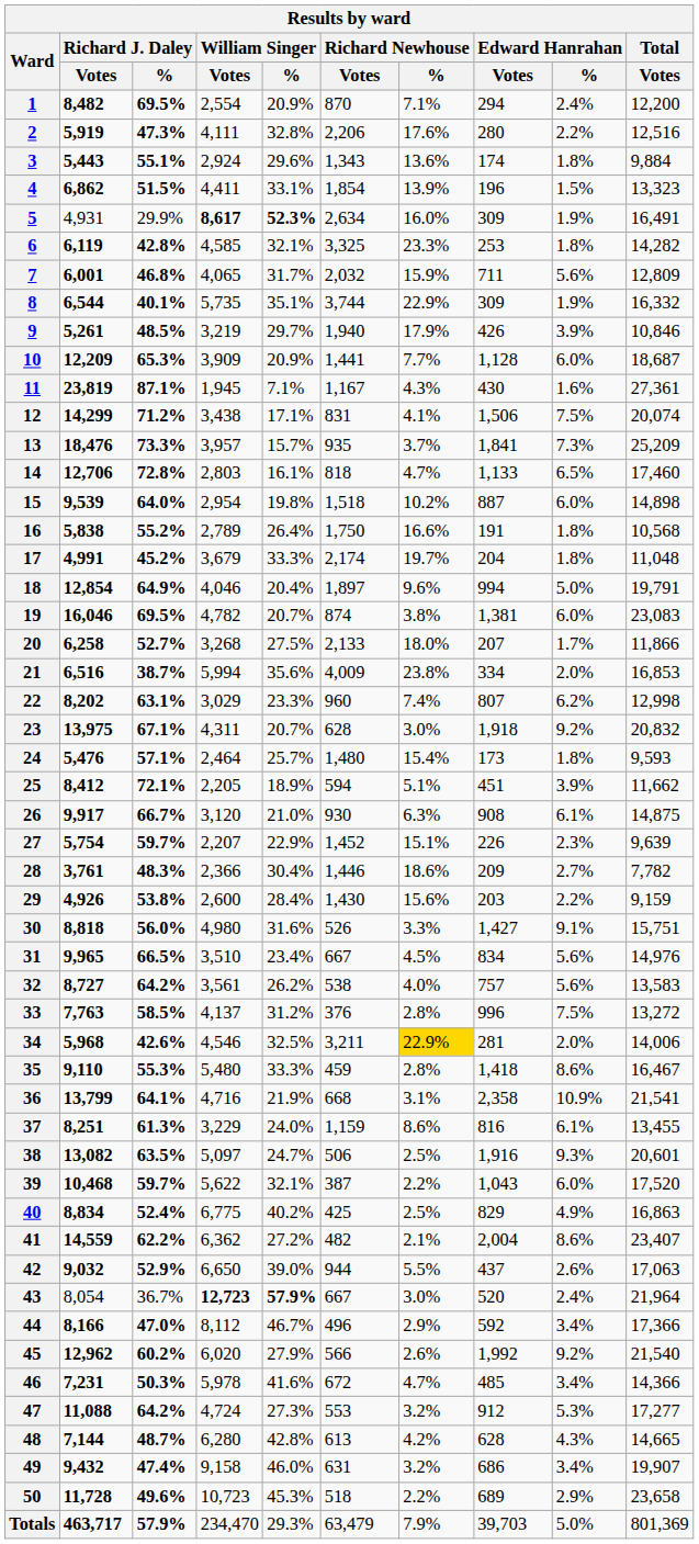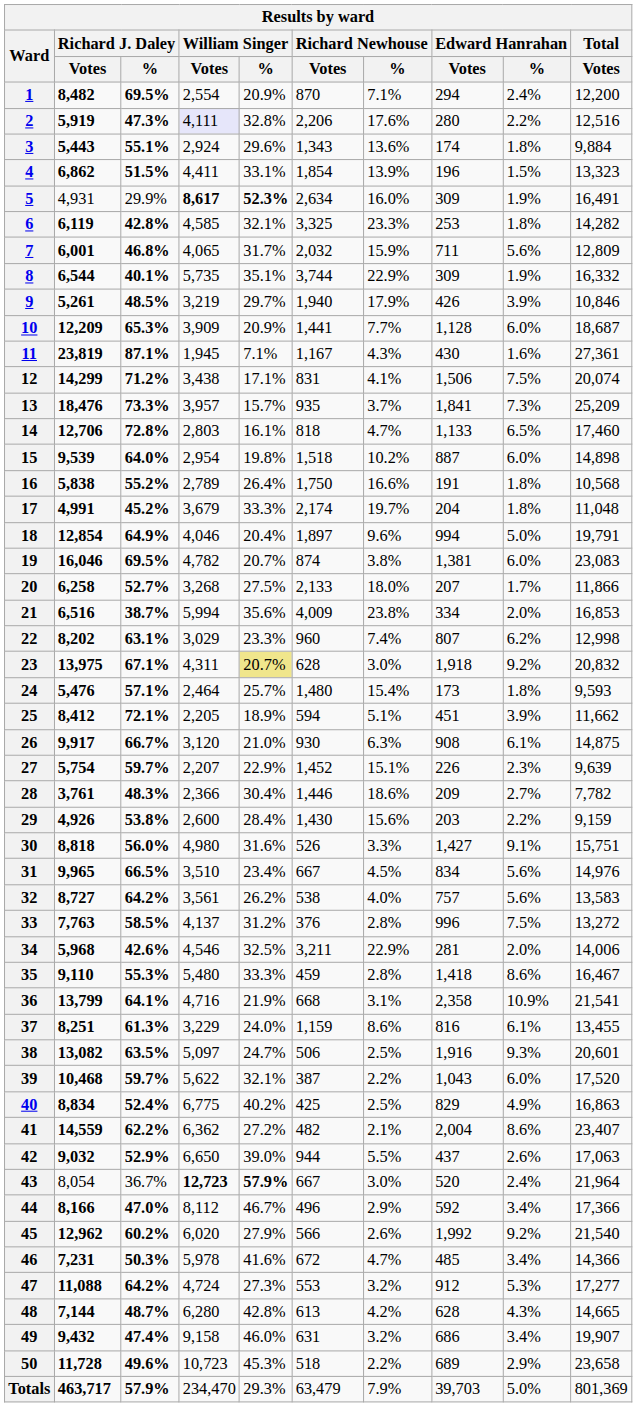 <table class="wikitable collapsible collapsed sortable">
 <tr>
 <th colspan=15>Results by ward</th>
 </tr>
 <tr>
 <th rowspan=2>Ward</th>
 <th colspan=2>Richard J. Daley</th>
 <th colspan=2>William Singer</th>
 <th colspan=2>Richard Newhouse</th>
 <th colspan=2>Edward Hanrahan</th>
 <th>Total</th>
 </tr>
 <tr>
 <th>Votes</th>
 <th>%</th>
 <th>Votes</th>
 <th>%</th>
 <th>Votes</th>
 <th>%</th>
 <th>Votes</th>
 <th>%</th>
 <th>Votes</th>
 </tr>
 <tr>
 <th><a href='#'>1</a></th>
 <td><strong>8,482</strong></td>
 <td><strong>69.5%</strong></td>
 <td>2,554</td>
 <td>20.9%</td>
 <td>870</td>
 <td>7.1%</td>
 <td>294</td>
 <td>2.4%</td>
 <td>12,200</td>
 </tr>
 <tr>
 <th><a href='#'>2</a></th>
 <td><strong>5,919</strong></td>
 <td><strong>47.3%</strong></td>
-<td>4,111</td>
+<td style="background: lavender;">4,111</td>
 <td>32.8%</td>
 <td>2,206</td>
 <td>17.6%</td>
 <td>280</td>
 <td>2.2%</td>
 <td>12,516</td>
 </tr>
 <tr>
 <th><a href='#'>3</a></th>
 <td><strong>5,443</strong></td>
 <td><strong>55.1%</strong></td>
 <td>2,924</td>
 <td>29.6%</td>
 <td>1,343</td>
 <td>13.6%</td>
 <td>174</td>
 <td>1.8%</td>
 <td>9,884</td>
 </tr>
 <tr>
 <th><a href='#'>4</a></th>
 <td><strong>6,862</strong></td>
 <td><strong>51.5%</strong></td>
 <td>4,411</td>
 <td>33.1%</td>
 <td>1,854</td>
 <td>13.9%</td>
 <td>196</td>
 <td>1.5%</td>
 <td>13,323</td>
 </tr>
 <tr>
 <th><a href='#'>5</a></th>
 <td>4,931</td>
 <td>29.9%</td>
 <td><strong>8,617</strong></td>
 <td><strong>52.3%</strong></td>
 <td>2,634</td>
 <td>16.0%</td>
 <td>309</td>
 <td>1.9%</td>
 <td>16,491</td>
 </tr>
 <tr>
 <th><a href='#'>6</a></th>
 <td><strong>6,119</strong></td>
 <td><strong>42.8%</strong></td>
 <td>4,585</td>
 <td>32.1%</td>
 <td>3,325</td>
 <td>23.3%</td>
 <td>253</td>
 <td>1.8%</td>
 <td>14,282</td>
 </tr>
 <tr>
 <th><a href='#'>7</a></th>
 <td><strong>6,001</strong></td>
 <td><strong>46.8%</strong></td>
 <td>4,065</td>
 <td>31.7%</td>
 <td>2,032</td>
 <td>15.9%</td>
 <td>711</td>
 <td>5.6%</td>
 <td>12,809</td>
 </tr>
 <tr>
 <th><a href='#'>8</a></th>
 <td><strong>6,544</strong></td>
 <td><strong>40.1%</strong></td>
 <td>5,735</td>
 <td>35.1%</td>
 <td>3,744</td>
 <td>22.9%</td>
 <td>309</td>
 <td>1.9%</td>
 <td>16,332</td>
 </tr>
 <tr>
 <th><a href='#'>9</a></th>
 <td><strong>5,261</strong></td>
 <td><strong>48.5%</strong></td>
 <td>3,219</td>
 <td>29.7%</td>
 <td>1,940</td>
 <td>17.9%</td>
 <td>426</td>
 <td>3.9%</td>
 <td>10,846</td>
 </tr>
 <tr>
 <th><a href='#'>10</a></th>
 <td><strong>12,209</strong></td>
 <td><strong>65.3%</strong></td>
 <td>3,909</td>
 <td>20.9%</td>
 <td>1,441</td>
 <td>7.7%</td>
 <td>1,128</td>
 <td>6.0%</td>
 <td>18,687</td>
 </tr>
 <tr>
 <th><a href='#'>11</a></th>
 <td><strong>23,819</strong></td>
 <td><strong>87.1%</strong></td>
 <td>1,945</td>
 <td>7.1%</td>
 <td>1,167</td>
 <td>4.3%</td>
 <td>430</td>
 <td>1.6%</td>
 <td>27,361</td>
 </tr>
 <tr>
 <th>12</th>
 <td><strong>14,299</strong></td>
 <td><strong>71.2%</strong></td>
 <td>3,438</td>
 <td>17.1%</td>
 <td>831</td>
 <td>4.1%</td>
 <td>1,506</td>
 <td>7.5%</td>
 <td>20,074</td>
 </tr>
 <tr>
 <th>13</th>
 <td><strong>18,476</strong></td>
 <td><strong>73.3%</strong></td>
 <td>3,957</td>
 <td>15.7%</td>
 <td>935</td>
 <td>3.7%</td>
 <td>1,841</td>
 <td>7.3%</td>
 <td>25,209</td>
 </tr>
 <tr>
 <th>14</th>
 <td><strong>12,706</strong></td>
 <td><strong>72.8%</strong></td>
 <td>2,803</td>
 <td>16.1%</td>
 <td>818</td>
 <td>4.7%</td>
 <td>1,133</td>
 <td>6.5%</td>
 <td>17,460</td>
 </tr>
 <tr>
 <th>15</th>
 <td><strong>9,539</strong></td>
 <td><strong>64.0%</strong></td>
 <td>2,954</td>
 <td>19.8%</td>
 <td>1,518</td>
 <td>10.2%</td>
 <td>887</td>
 <td>6.0%</td>
 <td>14,898</td>
 </tr>
 <tr>
 <th>16</th>
 <td><strong>5,838</strong></td>
 <td><strong>55.2%</strong></td>
 <td>2,789</td>
 <td>26.4%</td>
 <td>1,750</td>
 <td>16.6%</td>
 <td>191</td>
 <td>1.8%</td>
 <td>10,568</td>
 </tr>
 <tr>
 <th>17</th>
 <td><strong>4,991</strong></td>
 <td><strong>45.2%</strong></td>
 <td>3,679</td>
 <td>33.3%</td>
 <td>2,174</td>
 <td>19.7%</td>
 <td>204</td>
 <td>1.8%</td>
 <td>11,048</td>
 </tr>
 <tr>
 <th>18</th>
 <td><strong>12,854</strong></td>
 <td><strong>64.9%</strong></td>
 <td>4,046</td>
 <td>20.4%</td>
 <td>1,897</td>
 <td>9.6%</td>
 <td>994</td>
 <td>5.0%</td>
 <td>19,791</td>
 </tr>
 <tr>
 <th>19</th>
 <td><strong>16,046</strong></td>
 <td><strong>69.5%</strong></td>
 <td>4,782</td>
 <td>20.7%</td>
 <td>874</td>
 <td>3.8%</td>
 <td>1,381</td>
 <td>6.0%</td>
 <td>23,083</td>
 </tr>
 <tr>
 <th>20</th>
 <td><strong>6,258</strong></td>
 <td><strong>52.7%</strong></td>
 <td>3,268</td>
 <td>27.5%</td>
 <td>2,133</td>
 <td>18.0%</td>
 <td>207</td>
 <td>1.7%</td>
 <td>11,866</td>
 </tr>
 <tr>
 <th>21</th>
 <td><strong>6,516</strong></td>
 <td><strong>38.7%</strong></td>
 <td>5,994</td>
 <td>35.6%</td>
 <td>4,009</td>
 <td>23.8%</td>
 <td>334</td>
 <td>2.0%</td>
 <td>16,853</td>
 </tr>
 <tr>
 <th>22</th>
 <td><strong>8,202</strong></td>
 <td><strong>63.1%</strong></td>
 <td>3,029</td>
 <td>23.3%</td>
 <td>960</td>
 <td>7.4%</td>
 <td>807</td>
 <td>6.2%</td>
 <td>12,998</td>
 </tr>
 <tr>
 <th>23</th>
 <td><strong>13,975</strong></td>
 <td><strong>67.1%</strong></td>
 <td>4,311</td>
-<td>20.7%</td>
+<td style="background: khaki;">20.7%</td>
 <td>628</td>
 <td>3.0%</td>
 <td>1,918</td>
 <td>9.2%</td>
 <td>20,832</td>
 </tr>
 <tr>
 <th>24</th>
 <td><strong>5,476</strong></td>
 <td><strong>57.1%</strong></td>
 <td>2,464</td>
 <td>25.7%</td>
 <td>1,480</td>
 <td>15.4%</td>
 <td>173</td>
 <td>1.8%</td>
 <td>9,593</td>
 </tr>
 <tr>
 <th>25</th>
 <td><strong>8,412</strong></td>
 <td><strong>72.1%</strong></td>
 <td>2,205</td>
 <td>18.9%</td>
 <td>594</td>
 <td>5.1%</td>
 <td>451</td>
 <td>3.9%</td>
 <td>11,662</td>
 </tr>
 <tr>
 <th>26</th>
 <td><strong>9,917</strong></td>
 <td><strong>66.7%</strong></td>
 <td>3,120</td>
 <td>21.0%</td>
 <td>930</td>
 <td>6.3%</td>
 <td>908</td>
 <td>6.1%</td>
 <td>14,875</td>
 </tr>
 <tr>
 <th>27</th>
 <td><strong>5,754</strong></td>
 <td><strong>59.7%</strong></td>
 <td>2,207</td>
 <td>22.9%</td>
 <td>1,452</td>
 <td>15.1%</td>
 <td>226</td>
 <td>2.3%</td>
 <td>9,639</td>
 </tr>
 <tr>
 <th>28</th>
 <td><strong>3,761</strong></td>
 <td><strong>48.3%</strong></td>
 <td>2,366</td>
 <td>30.4%</td>
 <td>1,446</td>
 <td>18.6%</td>
 <td>209</td>
 <td>2.7%</td>
 <td>7,782</td>
 </tr>
 <tr>
 <th>29</th>
 <td><strong>4,926</strong></td>
 <td><strong>53.8%</strong></td>
 <td>2,600</td>
 <td>28.4%</td>
 <td>1,430</td>
 <td>15.6%</td>
 <td>203</td>
 <td>2.2%</td>
 <td>9,159</td>
 </tr>
 <tr>
 <th>30</th>
 <td><strong>8,818</strong></td>
 <td><strong>56.0%</strong></td>
 <td>4,980</td>
 <td>31.6%</td>
 <td>526</td>
 <td>3.3%</td>
 <td>1,427</td>
 <td>9.1%</td>
 <td>15,751</td>
 </tr>
 <tr>
 <th>31</th>
 <td><strong>9,965</strong></td>
 <td><strong>66.5%</strong></td>
 <td>3,510</td>
 <td>23.4%</td>
 <td>667</td>
 <td>4.5%</td>
 <td>834</td>
 <td>5.6%</td>
 <td>14,976</td>
 </tr>
 <tr>
 <th>32</th>
 <td><strong>8,727</strong></td>
 <td><strong>64.2%</strong></td>
 <td>3,561</td>
 <td>26.2%</td>
 <td>538</td>
 <td>4.0%</td>
 <td>757</td>
 <td>5.6%</td>
 <td>13,583</td>
 </tr>
 <tr>
 <th>33</th>
 <td><strong>7,763</strong></td>
 <td><strong>58.5%</strong></td>
 <td>4,137</td>
 <td>31.2%</td>
 <td>376</td>
 <td>2.8%</td>
 <td>996</td>
 <td>7.5%</td>
 <td>13,272</td>
 </tr>
 <tr>
 <th>34</th>
 <td><strong>5,968</strong></td>
 <td><strong>42.6%</strong></td>
 <td>4,546</td>
 <td>32.5%</td>
 <td>3,211</td>
-<td style="background: gold;">22.9%</td>
+<td>22.9%</td>
 <td>281</td>
 <td>2.0%</td>
 <td>14,006</td>
 </tr>
 <tr>
 <th>35</th>
 <td><strong>9,110</strong></td>
 <td><strong>55.3%</strong></td>
 <td>5,480</td>
 <td>33.3%</td>
 <td>459</td>
 <td>2.8%</td>
 <td>1,418</td>
 <td>8.6%</td>
 <td>16,467</td>
 </tr>
 <tr>
 <th>36</th>
 <td><strong>13,799</strong></td>
 <td><strong>64.1%</strong></td>
 <td>4,716</td>
 <td>21.9%</td>
 <td>668</td>
 <td>3.1%</td>
 <td>2,358</td>
 <td>10.9%</td>
 <td>21,541</td>
 </tr>
 <tr>
 <th>37</th>
 <td><strong>8,251</strong></td>
 <td><strong>61.3%</strong></td>
 <td>3,229</td>
 <td>24.0%</td>
 <td>1,159</td>
 <td>8.6%</td>
 <td>816</td>
 <td>6.1%</td>
 <td>13,455</td>
 </tr>
 <tr>
 <th>38</th>
 <td><strong>13,082</strong></td>
 <td><strong>63.5%</strong></td>
 <td>5,097</td>
 <td>24.7%</td>
 <td>506</td>
 <td>2.5%</td>
 <td>1,916</td>
 <td>9.3%</td>
 <td>20,601</td>
 </tr>
 <tr>
 <th>39</th>
 <td><strong>10,468</strong></td>
 <td><strong>59.7%</strong></td>
 <td>5,622</td>
 <td>32.1%</td>
 <td>387</td>
 <td>2.2%</td>
 <td>1,043</td>
 <td>6.0%</td>
 <td>17,520</td>
 </tr>
 <tr>
 <th><a href='#'>40</a></th>
 <td><strong>8,834</strong></td>
 <td><strong>52.4%</strong></td>
 <td>6,775</td>
 <td>40.2%</td>
 <td>425</td>
 <td>2.5%</td>
 <td>829</td>
 <td>4.9%</td>
 <td>16,863</td>
 </tr>
 <tr>
 <th>41</th>
 <td><strong>14,559</strong></td>
 <td><strong>62.2%</strong></td>
 <td>6,362</td>
 <td>27.2%</td>
 <td>482</td>
 <td>2.1%</td>
 <td>2,004</td>
 <td>8.6%</td>
 <td>23,407</td>
 </tr>
 <tr>
 <th>42</th>
 <td><strong>9,032</strong></td>
 <td><strong>52.9%</strong></td>
 <td>6,650</td>
 <td>39.0%</td>
 <td>944</td>
 <td>5.5%</td>
 <td>437</td>
 <td>2.6%</td>
 <td>17,063</td>
 </tr>
 <tr>
 <th>43</th>
 <td>8,054</td>
 <td>36.7%</td>
 <td><strong>12,723</strong></td>
 <td><strong>57.9%</strong></td>
 <td>667</td>
 <td>3.0%</td>
 <td>520</td>
 <td>2.4%</td>
 <td>21,964</td>
 </tr>
 <tr>
 <th>44</th>
 <td><strong>8,166</strong></td>
 <td><strong>47.0%</strong></td>
 <td>8,112</td>
 <td>46.7%</td>
 <td>496</td>
 <td>2.9%</td>
 <td>592</td>
 <td>3.4%</td>
 <td>17,366</td>
 </tr>
 <tr>
 <th>45</th>
 <td><strong>12,962</strong></td>
 <td><strong>60.2%</strong></td>
 <td>6,020</td>
 <td>27.9%</td>
 <td>566</td>
 <td>2.6%</td>
 <td>1,992</td>
 <td>9.2%</td>
 <td>21,540</td>
 </tr>
 <tr>
 <th>46</th>
 <td><strong>7,231</strong></td>
 <td><strong>50.3%</strong></td>
 <td>5,978</td>
 <td>41.6%</td>
 <td>672</td>
 <td>4.7%</td>
 <td>485</td>
 <td>3.4%</td>
 <td>14,366</td>
 </tr>
 <tr>
 <th>47</th>
 <td><strong>11,088</strong></td>
 <td><strong>64.2%</strong></td>
 <td>4,724</td>
 <td>27.3%</td>
 <td>553</td>
 <td>3.2%</td>
 <td>912</td>
 <td>5.3%</td>
 <td>17,277</td>
 </tr>
 <tr>
 <th>48</th>
 <td><strong>7,144</strong></td>
 <td><strong>48.7%</strong></td>
 <td>6,280</td>
 <td>42.8%</td>
 <td>613</td>
 <td>4.2%</td>
 <td>628</td>
 <td>4.3%</td>
 <td>14,665</td>
 </tr>
 <tr>
 <th>49</th>
 <td><strong>9,432</strong></td>
 <td><strong>47.4%</strong></td>
 <td>9,158</td>
 <td>46.0%</td>
 <td>631</td>
 <td>3.2%</td>
 <td>686</td>
 <td>3.4%</td>
 <td>19,907</td>
 </tr>
 <tr>
 <th>50</th>
 <td><strong>11,728</strong></td>
 <td><strong>49.6%</strong></td>
 <td>10,723</td>
 <td>45.3%</td>
 <td>518</td>
 <td>2.2%</td>
 <td>689</td>
 <td>2.9%</td>
 <td>23,658</td>
 </tr>
 <tr>
 <th>Totals</th>
 <td><strong>463,717</strong></td>
 <td><strong>57.9%</strong></td>
 <td>234,470</td>
 <td>29.3%</td>
 <td>63,479</td>
 <td>7.9%</td>
 <td>39,703</td>
 <td>5.0%</td>
 <td>801,369</td>
 </tr>
 </table>
